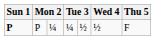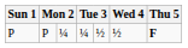 <table class="wikitable olympic-schedule table-tennis">
 <tr>
 <th>Sun 1</th>
 <th colspan=2>Mon 2</th>
 <th colspan=2>Tue 3</th>
 <th>Wed 4</th>
 <th>Thu 5</th>
 </tr>
 <tr>
-<td class="prelims"><strong>P</strong></td>
+<td class="prelims">P</td>
 <td class="prelims">P</td>
 <td class="quarterfinals">¼</td>
 <td class="quarterfinals">¼</td>
 <td class="semifinals">½</td>
 <td class="semifinals">½</td>
-<td class="final">F</td>
+<td class="final"><strong>F</strong></td>
 </tr>
 </table>
